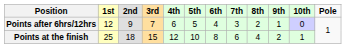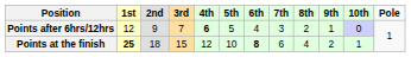 <table class="wikitable" style="font-size:85%; text-align:center">
 <tr>
 <th>Position</th>
 <td style="background:#FFFFBF;"> <strong>1st</strong> </td>
 <td style="background:#DFDFDF;"> <strong>2nd</strong> </td>
 <td style="background:#FFDF9F;"> <strong>3rd</strong> </td>
 <td style="background:#DFFFDF;"> <strong>4th</strong> </td>
 <td style="background:#DFFFDF;"> <strong>5th</strong> </td>
 <td style="background:#DFFFDF;"> <strong>6th</strong> </td>
 <td style="background:#DFFFDF;"> <strong>7th</strong> </td>
 <td style="background:#DFFFDF;"> <strong>8th</strong> </td>
 <td style="background:#DFFFDF;"> <strong>9th</strong> </td>
 <td style="background:#DFFFDF;"> <strong>10th</strong> </td>
 <td> <strong>Pole</strong> </td>
 </tr>
 <tr>
 <th>Points after 6hrs/12hrs</th>
 <td style="background:#FFFFBF;">12</td>
 <td style="background:#DFDFDF;">9</td>
 <td style="background:#FFDF9F;">7</td>
-<td style="background:#DFFFDF;">6</td>
+<td style="background:#DFFFDF;"><strong>6</strong></td>
 <td style="background:#DFFFDF;">5</td>
 <td style="background:#DFFFDF;">4</td>
 <td style="background:#DFFFDF;">3</td>
 <td style="background:#DFFFDF;">2</td>
 <td style="background:#DFFFDF;">1</td>
 <td style="background:#CFCFFF;">0</td>
 <td rowspan="2">1</td>
 </tr>
 <tr>
 <th>Points at the finish</th>
-<td style="background:#FFFFBF;">25</td>
+<td style="background:#FFFFBF;"><strong>25</strong></td>
 <td style="background:#DFDFDF;">18</td>
 <td style="background:#FFDF9F;">15</td>
 <td style="background:#DFFFDF;">12</td>
 <td style="background:#DFFFDF;">10</td>
-<td style="background:#DFFFDF;">8</td>
+<td style="background:#DFFFDF;"><strong>8</strong></td>
 <td style="background:#DFFFDF;">6</td>
 <td style="background:#DFFFDF;">4</td>
 <td style="background:#DFFFDF;">2</td>
 <td style="background:#DFFFDF;">1</td>
 </tr>
 </table>
